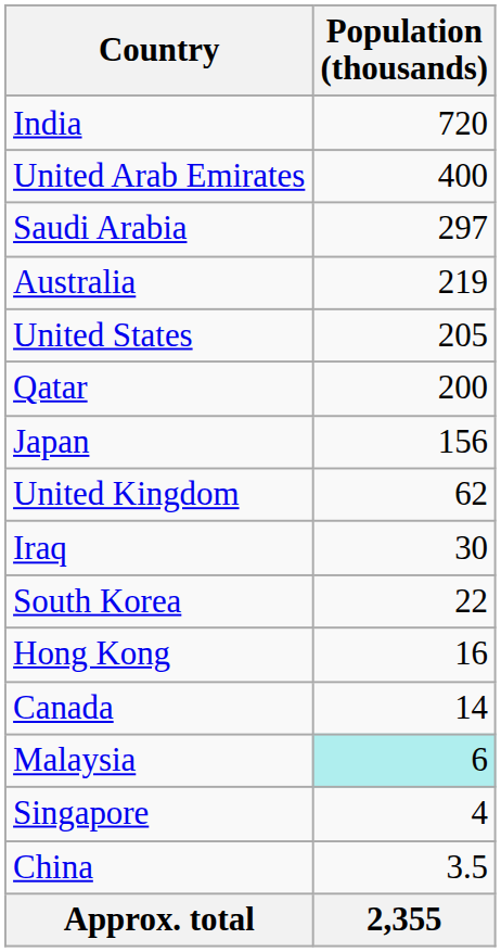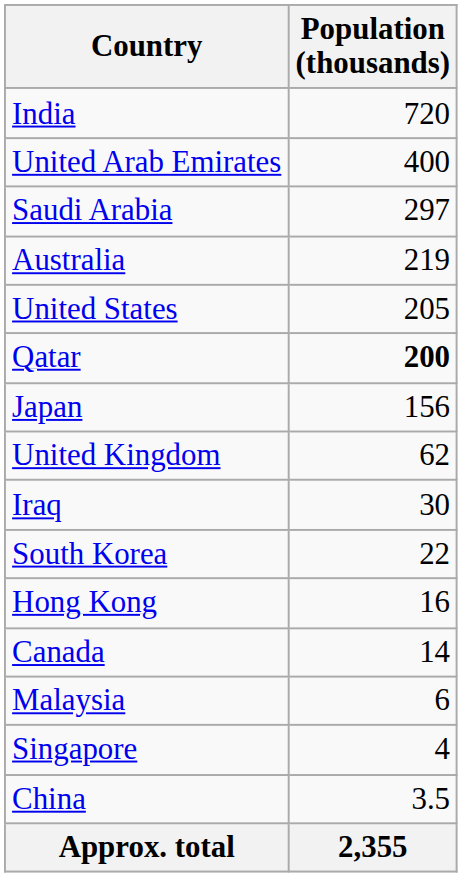 <table class="wikitable sortable">
 <tr>
 <th>Country</th>
 <th>Population<br>(thousands)</th>
 </tr>
 <tr>
 <td><a href='#'>India</a></td>
 <td align=right>720</td>
 </tr>
 <tr>
 <td><a href='#'>United Arab Emirates</a></td>
 <td align=right>400</td>
 </tr>
 <tr>
 <td><a href='#'>Saudi Arabia</a></td>
 <td align=right>297</td>
 </tr>
 <tr>
 <td><a href='#'>Australia</a></td>
 <td align=right>219</td>
 </tr>
 <tr>
 <td><a href='#'>United States</a></td>
 <td align=right>205</td>
 </tr>
 <tr>
 <td><a href='#'>Qatar</a></td>
-<td align=right>200</td>
+<td align=right><strong>200</strong></td>
 </tr>
 <tr>
 <td><a href='#'>Japan</a></td>
 <td align=right>156</td>
 </tr>
 <tr>
 <td><a href='#'>United Kingdom</a></td>
 <td align=right>62</td>
 </tr>
 <tr>
 <td><a href='#'>Iraq</a></td>
 <td align=right>30</td>
 </tr>
 <tr>
 <td><a href='#'>South Korea</a></td>
 <td align=right>22</td>
 </tr>
 <tr>
 <td><a href='#'>Hong Kong</a></td>
 <td align=right>16</td>
 </tr>
 <tr>
 <td><a href='#'>Canada</a></td>
 <td align=right>14</td>
 </tr>
 <tr>
 <td><a href='#'>Malaysia</a></td>
-<td align=right style="background: paleturquoise;">6</td>
+<td align=right>6</td>
 </tr>
 <tr>
 <td><a href='#'>Singapore</a></td>
 <td align=right>4</td>
 </tr>
 <tr>
 <td><a href='#'>China</a></td>
 <td align=right>3.5</td>
 </tr>
 <tr style="background:#f0f0f0;">
 <th>Approx. total</th>
 <th align=right>2,355</th>
 </tr>
 </table>
